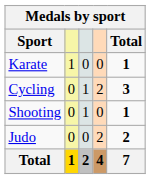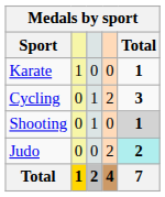 <table class="wikitable" style="text-align:center;font-size:85%;float:right;clear:right;">
 <tr style="background:#efefef;">
 <th colspan=5>Medals by sport</th>
 </tr>
 <tr>
 <th>Sport</th>
 <td bgcolor=#f7f6a8></td>
 <td bgcolor=#dce5e5></td>
 <td bgcolor=#ffdab9></td>
 <th>Total</th>
 </tr>
 <tr>
 <td align=left><a href='#'>Karate</a></td>
 <td bgcolor=#f7f6a8>1</td>
 <td bgcolor=#dce5e5>0</td>
 <td bgcolor=#ffdab9>0</td>
 <td><strong>1</strong></td>
 </tr>
 <tr>
 <td align=left><a href='#'>Cycling</a></td>
 <td bgcolor=#f7f6a8>0</td>
 <td bgcolor=#dce5e5>1</td>
 <td bgcolor=#ffdab9>2</td>
 <td><strong>3</strong></td>
 </tr>
 <tr>
 <td align=left><a href='#'>Shooting</a></td>
 <td bgcolor=#f7f6a8>0</td>
 <td bgcolor=#dce5e5>1</td>
 <td bgcolor=#ffdab9>0</td>
-<td><strong>1</strong></td>
+<td style="background: lightgrey;"><strong>1</strong></td>
 </tr>
 <tr>
 <td align=left><a href='#'>Judo</a></td>
 <td bgcolor=#f7f6a8>0</td>
 <td bgcolor=#dce5e5>0</td>
 <td bgcolor=#ffdab9>2</td>
-<td><strong>2</strong></td>
+<td style="background: paleturquoise;"><strong>2</strong></td>
 </tr>
 <tr>
 <th>Total</th>
 <th style="background:gold;">1</th>
 <th style="background:silver;">2</th>
 <th style="background:#c96;">4</th>
 <th>7</th>
 </tr>
 </table>
